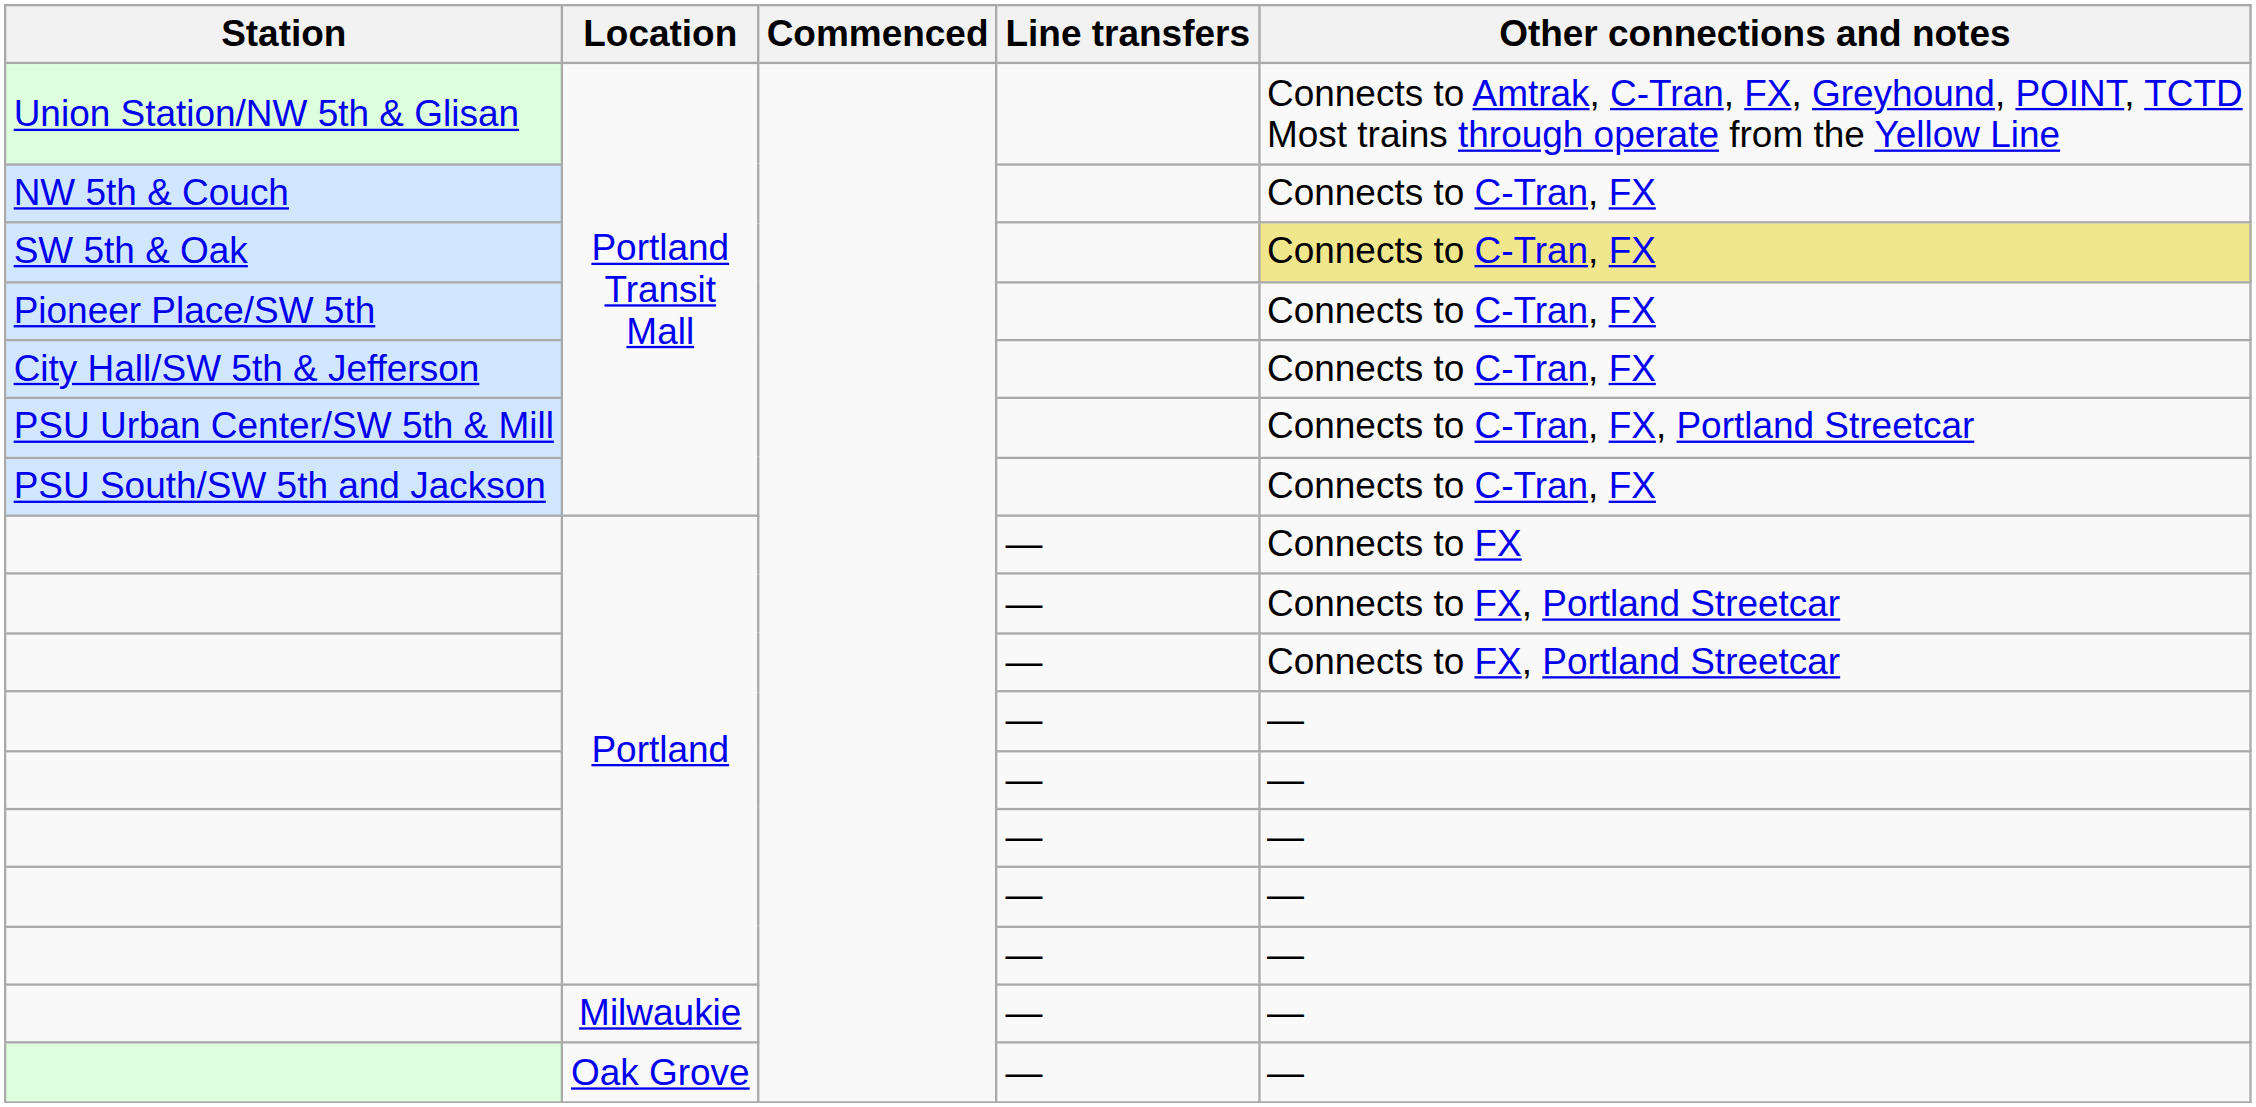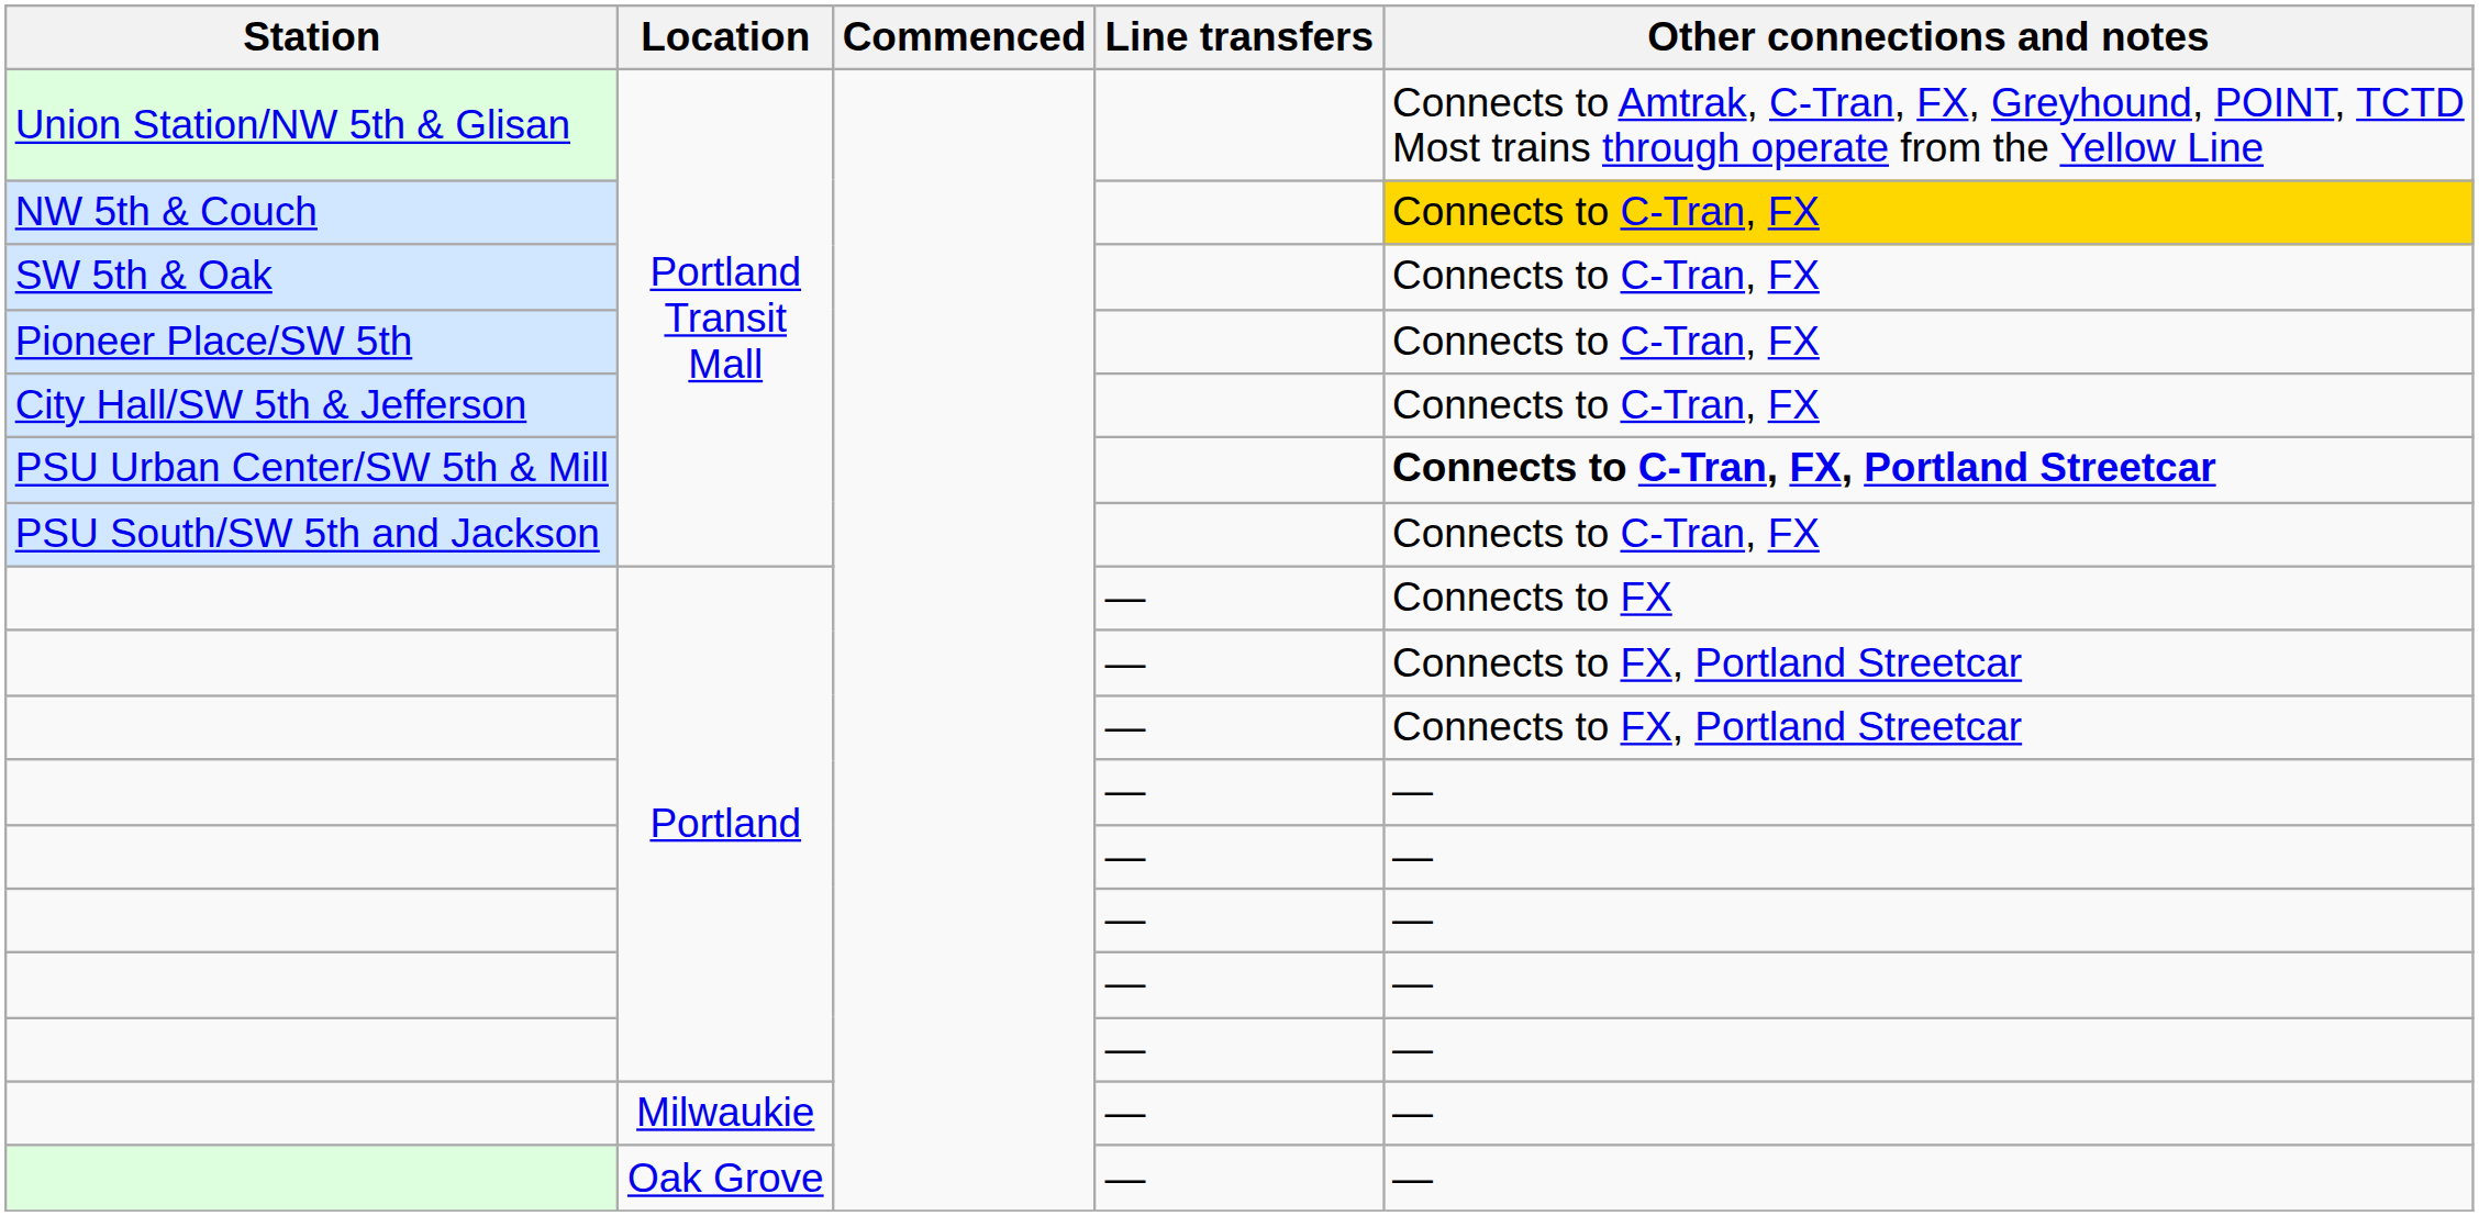 <table class="wikitable sortable plainrowheaders">
 <tr>
 <th scope="col">Station</th>
 <th scope="col">Location</th>
 <th scope="col" data-sort-type="usLongDate">Commenced</th>
 <th scope="col" class="unsortable">Line transfers</th>
 <th scope="col" class="unsortable">Other connections and notes</th>
 </tr>
 <tr>
 <td scope="row" style="background-color:#ddffdd"><a href='#'>Union Station/NW 5th & Glisan</a></td>
 <td rowspan="7" align="center"><a href='#'>Portland<br>Transit<br>Mall</a></td>
 <td rowspan="17" align="center"></td>
 <td> </td>
 <td>Connects to <a href='#'>Amtrak</a>, <a href='#'>C-Tran</a>, <a href='#'>FX</a>, <a href='#'>Greyhound</a>, <a href='#'>POINT</a>, <a href='#'>TCTD</a><br>Most trains <a href='#'>through operate</a> from the <a href='#'>Yellow Line</a></td>
 </tr>
 <tr>
 <td scope="row" style="background-color:#D0E7FF"><a href='#'>NW 5th & Couch</a></td>
 <td> </td>
-<td>Connects to <a href='#'>C-Tran</a>, <a href='#'>FX</a></td>
+<td style="background: gold;">Connects to <a href='#'>C-Tran</a>, <a href='#'>FX</a></td>
 </tr>
 <tr>
 <td scope="row" style="background-color:#D0E7FF"><a href='#'>SW 5th & Oak</a></td>
 <td> </td>
-<td style="background: khaki;">Connects to <a href='#'>C-Tran</a>, <a href='#'>FX</a></td>
+<td>Connects to <a href='#'>C-Tran</a>, <a href='#'>FX</a></td>
 </tr>
 <tr>
 <td scope="row" style="background-color:#D0E7FF"><a href='#'>Pioneer Place/SW 5th</a></td>
 <td>   </td>
 <td>Connects to <a href='#'>C-Tran</a>, <a href='#'>FX</a></td>
 </tr>
 <tr>
 <td scope="row" style="background-color:#D0E7FF"><a href='#'>City Hall/SW 5th & Jefferson</a></td>
 <td> </td>
 <td>Connects to <a href='#'>C-Tran</a>, <a href='#'>FX</a></td>
 </tr>
 <tr>
 <td scope="row" style="background-color:#D0E7FF"><a href='#'>PSU Urban Center/SW 5th & Mill</a></td>
 <td> </td>
-<td>Connects to <a href='#'>C-Tran</a>, <a href='#'>FX</a>, <a href='#'>Portland Streetcar</a></td>
+<td><strong>Connects to <a href='#'>C-Tran</a>, <a href='#'>FX</a>, <a href='#'>Portland Streetcar</a></strong></td>
 </tr>
 <tr>
 <td scope="row" style="background-color:#D0E7FF"><a href='#'>PSU South/SW 5th and Jackson</a></td>
 <td> </td>
 <td>Connects to <a href='#'>C-Tran</a>, <a href='#'>FX</a></td>
 </tr>
 <tr>
 <td scope="row"></td>
 <td rowspan="8" align="center"><a href='#'>Portland</a></td>
 <td>—</td>
 <td>Connects to <a href='#'>FX</a></td>
 </tr>
 <tr>
 <td scope="row"></td>
 <td>—</td>
 <td>Connects to <a href='#'>FX</a>, <a href='#'>Portland Streetcar</a></td>
 </tr>
 <tr>
 <td scope="row"></td>
 <td>—</td>
 <td>Connects to <a href='#'>FX</a>, <a href='#'>Portland Streetcar</a></td>
 </tr>
 <tr>
 <td scope="row"></td>
 <td>—</td>
 <td>—</td>
 </tr>
 <tr>
 <td scope="row"></td>
 <td>—</td>
 <td>—</td>
 </tr>
 <tr>
 <td scope="row"></td>
 <td>—</td>
 <td>—</td>
 </tr>
 <tr>
 <td scope="row"></td>
 <td>—</td>
 <td>—</td>
 </tr>
 <tr>
 <td scope="row"></td>
 <td>—</td>
 <td>—</td>
 </tr>
 <tr>
 <td scope="row"></td>
 <td align="center"><a href='#'>Milwaukie</a></td>
 <td>—</td>
 <td>—</td>
 </tr>
 <tr>
 <td scope="row" style="background-color:#ddffdd"></td>
 <td align="center"><a href='#'>Oak Grove</a></td>
 <td>—</td>
 <td>—</td>
 </tr>
 </table>
